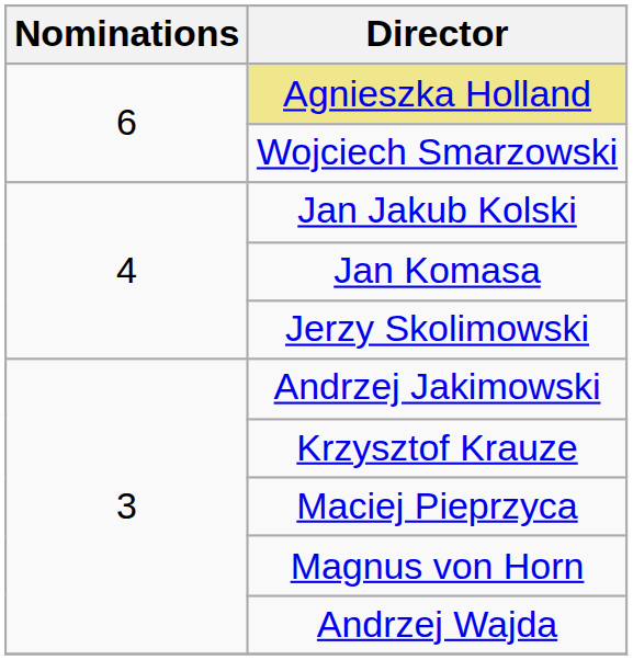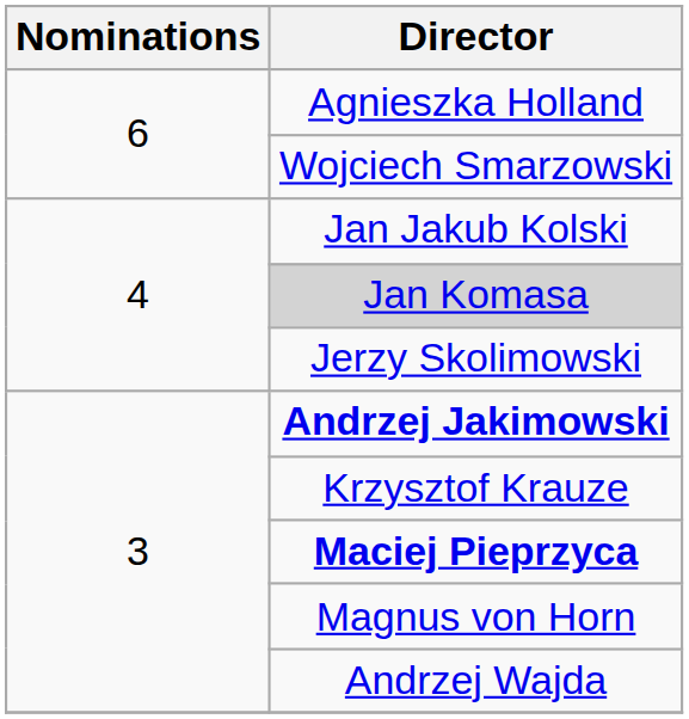 <table class="wikitable" style="text-align:center;">
 <tr>
 <th scope="col" width="55">Nominations</th>
 <th scope="col" align="center">Director</th>
 </tr>
 <tr>
 <td rowspan="2" style="text-align:center;">6</td>
-<td style="background: khaki;"><a href='#'>Agnieszka Holland</a></td>
+<td><a href='#'>Agnieszka Holland</a></td>
 </tr>
 <tr>
 <td><a href='#'>Wojciech Smarzowski</a></td>
 </tr>
 <tr>
 <td rowspan="3" style="text-align:center;">4</td>
 <td><a href='#'>Jan Jakub Kolski</a></td>
 </tr>
 <tr>
-<td><a href='#'>Jan Komasa</a></td>
+<td style="background: lightgrey;"><a href='#'>Jan Komasa</a></td>
 </tr>
 <tr>
 <td><a href='#'>Jerzy Skolimowski</a></td>
 </tr>
 <tr>
 <td rowspan="5" style="text-align:center;">3</td>
-<td><a href='#'>Andrzej Jakimowski</a></td>
+<td><strong><a href='#'>Andrzej Jakimowski</a></strong></td>
 </tr>
 <tr>
 <td><a href='#'>Krzysztof Krauze</a></td>
 </tr>
 <tr>
-<td><a href='#'>Maciej Pieprzyca</a></td>
+<td><strong><a href='#'>Maciej Pieprzyca</a></strong></td>
 </tr>
 <tr>
 <td><a href='#'>Magnus von Horn</a></td>
 </tr>
 <tr>
 <td><a href='#'>Andrzej Wajda</a></td>
 </tr>
 <tr>
 </tr>
 </table>
